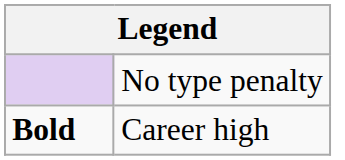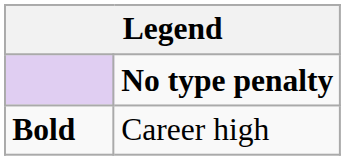 <table class="wikitable">
 <tr>
 <th colspan="2">Legend</th>
 </tr>
 <tr>
 <td style="background:#e0cef2; width:3em;"></td>
-<td>No type penalty</td>
+<td><strong>No type penalty</strong></td>
 </tr>
 <tr>
 <td><strong>Bold</strong></td>
 <td>Career high</td>
 </tr>
 </table>
